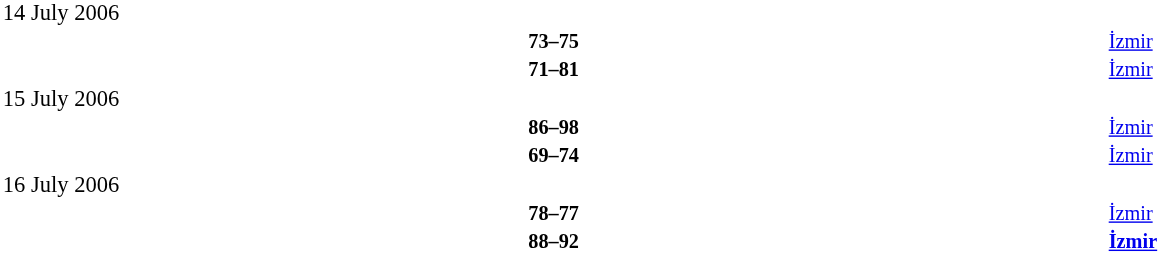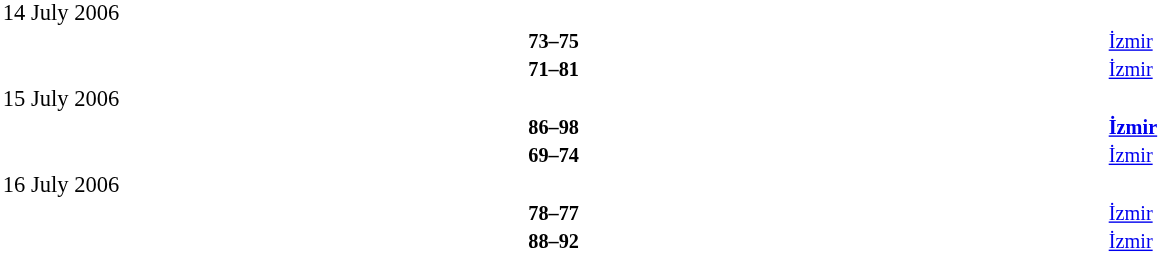 <table style="width:100%;" cellspacing="1">
 <tr>
 <th width=25%></th>
 <th width=3%></th>
 <th width=6%></th>
 <th width=3%></th>
 <th width=25%></th>
 </tr>
 <tr>
 <td>14 July 2006</td>
 </tr>
 <tr style=font-size:90%>
 <td align=right><strong></strong></td>
 <td></td>
 <td align=center><strong>73–75</strong></td>
 <td></td>
 <td><strong></strong></td>
 <td><a href='#'>İzmir</a></td>
 </tr>
 <tr style=font-size:90%>
 <td align=right><strong></strong></td>
 <td></td>
 <td align=center><strong>71–81</strong></td>
 <td></td>
 <td><strong></strong></td>
 <td><a href='#'>İzmir</a></td>
 </tr>
 <tr>
 <td>15 July 2006</td>
 </tr>
 <tr style=font-size:90%>
 <td align=right><strong></strong></td>
 <td></td>
 <td align=center><strong>86–98</strong></td>
 <td></td>
 <td><strong></strong></td>
-<td><a href='#'>İzmir</a></td>
+<td><strong><a href='#'>İzmir</a></strong></td>
 </tr>
 <tr style=font-size:90%>
 <td align=right><strong></strong></td>
 <td></td>
 <td align=center><strong>69–74</strong></td>
 <td></td>
 <td><strong></strong></td>
 <td><a href='#'>İzmir</a></td>
 </tr>
 <tr>
 <td>16 July 2006</td>
 </tr>
 <tr style=font-size:90%>
 <td align=right><strong></strong></td>
 <td></td>
 <td align=center><strong>78–77</strong></td>
 <td></td>
 <td><strong></strong></td>
 <td><a href='#'>İzmir</a></td>
 </tr>
 <tr style=font-size:90%>
 <td align=right><strong></strong></td>
 <td></td>
 <td align=center><strong>88–92</strong></td>
 <td></td>
 <td><strong></strong></td>
-<td><strong><a href='#'>İzmir</a></strong></td>
+<td><a href='#'>İzmir</a></td>
 </tr>
 </table>
